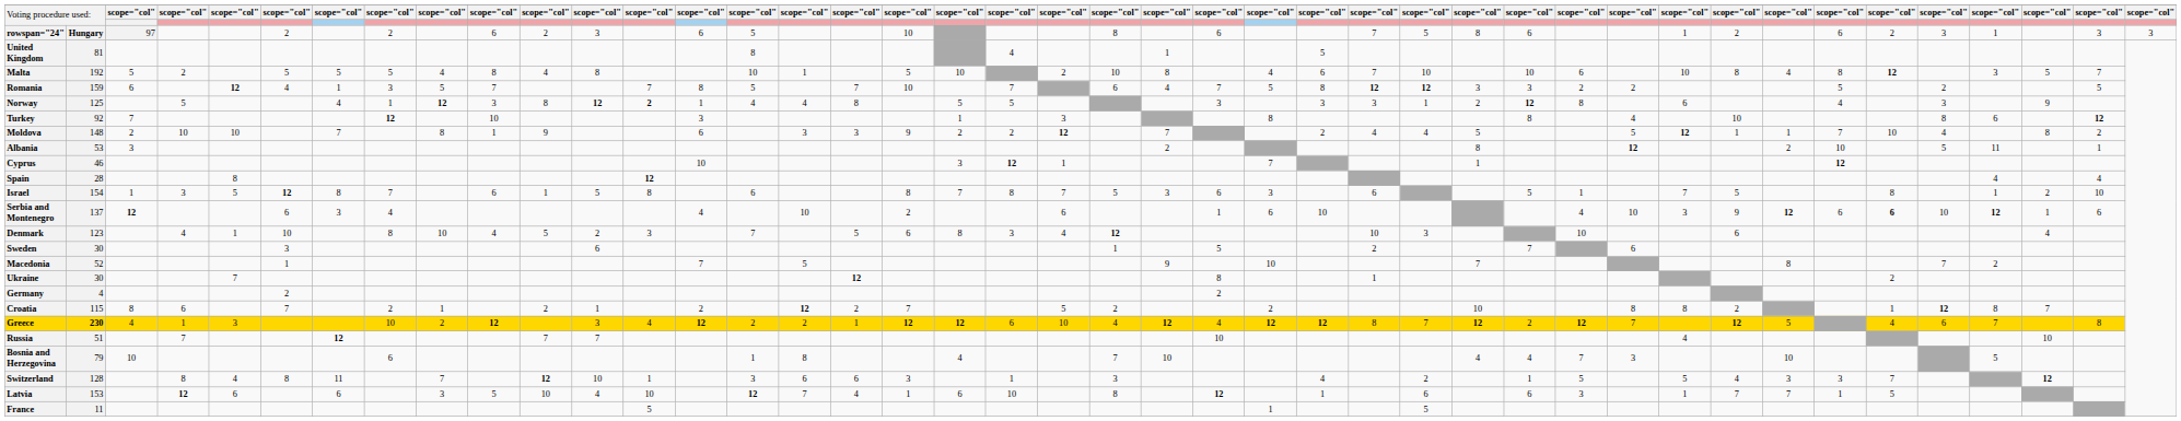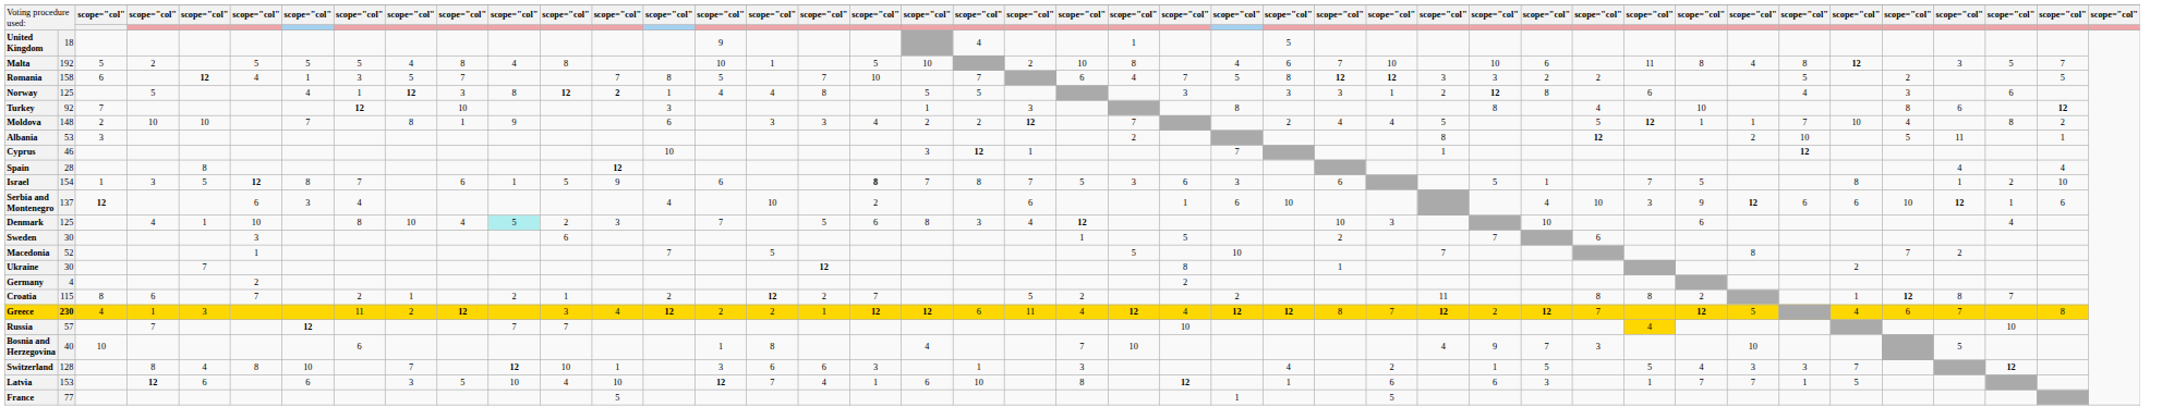 <table class="wikitable plainrowheaders" style="text-align:center; font-size:85%;">
 <tr>
 </tr>
 <tr>
 <td colspan="2" rowspan="2" style="text-align:left; background:#F2F2F2">Voting procedure used:<br></td>
 <th>scope="col" </th>
 <th>scope="col" </th>
 <th>scope="col" </th>
 <th>scope="col" </th>
 <th>scope="col" </th>
 <th>scope="col" </th>
 <th>scope="col" </th>
 <th>scope="col" </th>
 <th>scope="col" </th>
 <th>scope="col" </th>
 <th>scope="col" </th>
 <th>scope="col" </th>
 <th>scope="col" </th>
 <th>scope="col" </th>
 <th>scope="col" </th>
 <th>scope="col" </th>
 <th>scope="col" </th>
 <th>scope="col" </th>
 <th>scope="col" </th>
 <th>scope="col" </th>
 <th>scope="col" </th>
 <th>scope="col" </th>
 <th>scope="col" </th>
 <th>scope="col" </th>
 <th>scope="col" </th>
 <th>scope="col" </th>
 <th>scope="col" </th>
 <th>scope="col" </th>
 <th>scope="col" </th>
 <th>scope="col" </th>
 <th>scope="col" </th>
 <th>scope="col" </th>
 <th>scope="col" </th>
 <th>scope="col" </th>
 <th>scope="col" </th>
 <th>scope="col" </th>
 <th>scope="col" </th>
 <th>scope="col" </th>
 <th>scope="col" </th>
 <th>scope="col" </th>
 </tr>
 <tr>
 <th style="height:2px; border-top:1px solid transparent;"></th>
 <td style="background:#EFA4A9;"></td>
 <td style="background:#EFA4A9;"></td>
 <td style="background:#EFA4A9;"></td>
 <td style="background:#A4D1EF;"></td>
 <td style="background:#EFA4A9;"></td>
 <td style="background:#EFA4A9;"></td>
 <td style="background:#EFA4A9;"></td>
 <td style="background:#EFA4A9;"></td>
 <td style="background:#EFA4A9;"></td>
 <td style="background:#EFA4A9;"></td>
 <td style="background:#A4D1EF;"></td>
 <td style="background:#EFA4A9;"></td>
 <td style="background:#EFA4A9;"></td>
 <td style="background:#EFA4A9;"></td>
 <td style="background:#EFA4A9;"></td>
 <td style="background:#EFA4A9;"></td>
 <td style="background:#EFA4A9;"></td>
 <td style="background:#EFA4A9;"></td>
 <td style="background:#EFA4A9;"></td>
 <td style="background:#EFA4A9;"></td>
 <td style="background:#EFA4A9;"></td>
 <td style="background:#A4D1EF;"></td>
 <td style="background:#EFA4A9;"></td>
 <td style="background:#EFA4A9;"></td>
 <td style="background:#EFA4A9;"></td>
 <td style="background:#EFA4A9;"></td>
 <td style="background:#EFA4A9;"></td>
 <td style="background:#EFA4A9;"></td>
 <td style="background:#EFA4A9;"></td>
 <td style="background:#EFA4A9;"></td>
 <td style="background:#EFA4A9;"></td>
 <td style="background:#EFA4A9;"></td>
 <td style="background:#EFA4A9;"></td>
 <td style="background:#EFA4A9;"></td>
 <td style="background:#EFA4A9;"></td>
 <td style="background:#EFA4A9;"></td>
 <td style="background:#EFA4A9;"></td>
 <td style="background:#EFA4A9;"></td>
 <td style="background:#EFA4A9;"></td>
 </tr>
 <tr>
-<th>rowspan="24" </th>
-<th scope="row" style="text-align:left; background:#f2f2f2;">Hungary</th>
-<td style="text-align:right; background:#f2f2f2;">97</td>
-<td></td>
-<td></td>
-<td>2</td>
-<td></td>
-<td>2</td>
-<td></td>
-<td>6</td>
-<td>2</td>
-<td>3</td>
-<td></td>
-<td>6</td>
-<td>5</td>
-<td></td>
-<td></td>
-<td>10</td>
-<td style="text-align:left; background:#aaa;"></td>
-<td></td>
-<td></td>
-<td>8</td>
-<td></td>
-<td>6</td>
-<td></td>
-<td></td>
-<td>7</td>
-<td>5</td>
-<td>8</td>
-<td>6</td>
-<td></td>
-<td></td>
-<td>1</td>
-<td>2</td>
-<td></td>
-<td>6</td>
-<td>2</td>
-<td>3</td>
-<td>1</td>
-<td></td>
-<td>3</td>
-<td>3</td>
-</tr>
-<tr>
 <th scope="row" style="text-align:left; background:#f2f2f2;">United Kingdom</th>
-<td style="text-align:right; background:#f2f2f2;">81</td>
+<td style="text-align:right; background:#f2f2f2;">18</td>
 <td></td>
 <td></td>
 <td></td>
 <td></td>
 <td></td>
 <td></td>
 <td></td>
 <td></td>
 <td></td>
 <td></td>
 <td></td>
 <td></td>
-<td>8</td>
+<td>9</td>
 <td></td>
 <td></td>
 <td></td>
 <td style="text-align:left; background:#aaa;"></td>
 <td>4</td>
 <td></td>
 <td></td>
 <td>1</td>
 <td></td>
 <td></td>
 <td>5</td>
 <td></td>
 <td></td>
 <td></td>
 <td></td>
 <td></td>
 <td></td>
 <td></td>
 <td></td>
 <td></td>
 <td></td>
 <td></td>
 <td></td>
 <td></td>
 <td></td>
 <td></td>
 </tr>
 <tr>
 <th scope="row" style="text-align:left; background:#f2f2f2;">Malta</th>
 <td style="text-align:right; background:#f2f2f2;">192</td>
 <td>5</td>
 <td>2</td>
 <td></td>
 <td>5</td>
 <td>5</td>
 <td>5</td>
 <td>4</td>
 <td>8</td>
 <td>4</td>
 <td>8</td>
 <td></td>
 <td></td>
 <td>10</td>
 <td>1</td>
 <td></td>
 <td>5</td>
 <td>10</td>
 <td style="text-align:left; background:#aaa;"></td>
 <td>2</td>
 <td>10</td>
 <td>8</td>
 <td></td>
 <td>4</td>
 <td>6</td>
 <td>7</td>
 <td>10</td>
 <td></td>
 <td>10</td>
 <td>6</td>
 <td></td>
-<td>10</td>
+<td>11</td>
 <td>8</td>
 <td>4</td>
 <td>8</td>
 <td><strong>12</strong></td>
 <td></td>
 <td>3</td>
 <td>5</td>
 <td>7</td>
 </tr>
 <tr>
 <th scope="row" style="text-align:left; background:#f2f2f2;">Romania</th>
-<td style="text-align:right; background:#f2f2f2;">159</td>
+<td style="text-align:right; background:#f2f2f2;">158</td>
 <td>6</td>
 <td></td>
 <td><strong>12</strong></td>
 <td>4</td>
 <td>1</td>
 <td>3</td>
 <td>5</td>
 <td>7</td>
 <td></td>
 <td></td>
 <td>7</td>
 <td>8</td>
 <td>5</td>
 <td></td>
 <td>7</td>
 <td>10</td>
 <td></td>
 <td>7</td>
 <td style="text-align:left; background:#aaa;"></td>
 <td>6</td>
 <td>4</td>
 <td>7</td>
 <td>5</td>
 <td>8</td>
 <td><strong>12</strong></td>
 <td><strong>12</strong></td>
 <td>3</td>
 <td>3</td>
 <td>2</td>
 <td>2</td>
 <td></td>
 <td></td>
 <td></td>
 <td>5</td>
 <td></td>
 <td>2</td>
 <td></td>
 <td></td>
 <td>5</td>
 </tr>
 <tr>
 <th scope="row" style="text-align:left; background:#f2f2f2;">Norway</th>
 <td style="text-align:right; background:#f2f2f2;">125</td>
 <td></td>
 <td>5</td>
 <td></td>
 <td></td>
 <td>4</td>
 <td>1</td>
 <td><strong>12</strong></td>
 <td>3</td>
 <td>8</td>
 <td><strong>12</strong></td>
 <td><strong>2</strong></td>
 <td>1</td>
 <td>4</td>
 <td>4</td>
 <td>8</td>
 <td></td>
 <td>5</td>
 <td>5</td>
 <td></td>
 <td style="text-align:left; background:#aaa;"></td>
 <td></td>
 <td>3</td>
 <td></td>
 <td>3</td>
 <td>3</td>
 <td>1</td>
 <td>2</td>
 <td><strong>12</strong></td>
 <td>8</td>
 <td></td>
 <td>6</td>
 <td></td>
 <td></td>
 <td>4</td>
 <td></td>
 <td>3</td>
 <td></td>
-<td>9</td>
+<td>6</td>
 <td></td>
 </tr>
 <tr>
 <th scope="row" style="text-align:left; background:#f2f2f2;">Turkey</th>
 <td style="text-align:right; background:#f2f2f2;">92</td>
 <td>7</td>
 <td></td>
 <td></td>
 <td></td>
 <td></td>
 <td><strong>12</strong></td>
 <td></td>
 <td>10</td>
 <td></td>
 <td></td>
 <td></td>
 <td>3</td>
 <td></td>
 <td></td>
 <td></td>
 <td></td>
 <td>1</td>
 <td></td>
 <td>3</td>
 <td></td>
 <td style="text-align:left; background:#aaa;"></td>
 <td></td>
 <td>8</td>
 <td></td>
 <td></td>
 <td></td>
 <td></td>
 <td>8</td>
 <td></td>
 <td>4</td>
 <td></td>
 <td>10</td>
 <td></td>
 <td></td>
 <td></td>
 <td>8</td>
 <td>6</td>
 <td></td>
 <td><strong>12</strong></td>
 </tr>
 <tr>
 <th scope="row" style="text-align:left; background:#f2f2f2;">Moldova</th>
 <td style="text-align:right; background:#f2f2f2;">148</td>
 <td>2</td>
 <td>10</td>
 <td>10</td>
 <td></td>
 <td>7</td>
 <td></td>
 <td>8</td>
 <td>1</td>
 <td>9</td>
 <td></td>
 <td></td>
 <td>6</td>
 <td></td>
 <td>3</td>
 <td>3</td>
-<td>9</td>
+<td>4</td>
 <td>2</td>
 <td>2</td>
 <td><strong>12</strong></td>
 <td></td>
 <td>7</td>
 <td style="text-align:left; background:#aaa;"></td>
 <td></td>
 <td>2</td>
 <td>4</td>
 <td>4</td>
 <td>5</td>
 <td></td>
 <td></td>
 <td>5</td>
 <td><strong>12</strong></td>
 <td>1</td>
 <td>1</td>
 <td>7</td>
 <td>10</td>
 <td>4</td>
 <td></td>
 <td>8</td>
 <td>2</td>
 </tr>
 <tr>
 <th scope="row" style="text-align:left; background:#f2f2f2;">Albania</th>
 <td style="text-align:right; background:#f2f2f2;">53</td>
 <td>3</td>
 <td></td>
 <td></td>
 <td></td>
 <td></td>
 <td></td>
 <td></td>
 <td></td>
 <td></td>
 <td></td>
 <td></td>
 <td></td>
 <td></td>
 <td></td>
 <td></td>
 <td></td>
 <td></td>
 <td></td>
 <td></td>
 <td></td>
 <td>2</td>
 <td></td>
 <td style="text-align:left; background:#aaa;"></td>
 <td></td>
 <td></td>
 <td></td>
 <td>8</td>
 <td></td>
 <td></td>
 <td><strong>12</strong></td>
 <td></td>
 <td></td>
 <td>2</td>
 <td>10</td>
 <td></td>
 <td>5</td>
 <td>11</td>
 <td></td>
 <td>1</td>
 </tr>
 <tr>
 <th scope="row" style="text-align:left; background:#f2f2f2;">Cyprus</th>
 <td style="text-align:right; background:#f2f2f2;">46</td>
 <td></td>
 <td></td>
 <td></td>
 <td></td>
 <td></td>
 <td></td>
 <td></td>
 <td></td>
 <td></td>
 <td></td>
 <td></td>
 <td>10</td>
 <td></td>
 <td></td>
 <td></td>
 <td></td>
 <td>3</td>
 <td><strong>12</strong></td>
 <td>1</td>
 <td></td>
 <td></td>
 <td></td>
 <td>7</td>
 <td style="text-align:left; background:#aaa;"></td>
 <td></td>
 <td></td>
 <td>1</td>
 <td></td>
 <td></td>
 <td></td>
 <td></td>
 <td></td>
 <td></td>
 <td><strong>12</strong></td>
 <td></td>
 <td></td>
 <td></td>
 <td></td>
 <td></td>
 </tr>
 <tr>
 <th scope="row" style="text-align:left; background:#f2f2f2;">Spain</th>
 <td style="text-align:right; background:#f2f2f2;">28</td>
 <td></td>
 <td></td>
 <td>8</td>
 <td></td>
 <td></td>
 <td></td>
 <td></td>
 <td></td>
 <td></td>
 <td></td>
 <td><strong>12</strong></td>
 <td></td>
 <td></td>
 <td></td>
 <td></td>
 <td></td>
 <td></td>
 <td></td>
 <td></td>
 <td></td>
 <td></td>
 <td></td>
 <td></td>
 <td></td>
 <td style="text-align:left; background:#aaa;"></td>
 <td></td>
 <td></td>
 <td></td>
 <td></td>
 <td></td>
 <td></td>
 <td></td>
 <td></td>
 <td></td>
 <td></td>
 <td></td>
 <td>4</td>
 <td></td>
 <td>4</td>
 </tr>
 <tr>
 <th scope="row" style="text-align:left; background:#f2f2f2;">Israel</th>
 <td style="text-align:right; background:#f2f2f2;">154</td>
 <td>1</td>
 <td>3</td>
 <td>5</td>
 <td><strong>12</strong></td>
 <td>8</td>
 <td>7</td>
 <td></td>
 <td>6</td>
 <td>1</td>
 <td>5</td>
-<td>8</td>
+<td>9</td>
 <td></td>
 <td>6</td>
 <td></td>
 <td></td>
-<td>8</td>
+<td><strong>8</strong></td>
 <td>7</td>
 <td>8</td>
 <td>7</td>
 <td>5</td>
 <td>3</td>
 <td>6</td>
 <td>3</td>
 <td></td>
 <td>6</td>
 <td style="text-align:left; background:#aaa;"></td>
 <td></td>
 <td>5</td>
 <td>1</td>
 <td></td>
 <td>7</td>
 <td>5</td>
 <td></td>
 <td></td>
 <td>8</td>
 <td></td>
 <td>1</td>
 <td>2</td>
 <td>10</td>
 </tr>
 <tr>
 <th scope="row" style="text-align:left; background:#f2f2f2;">Serbia and Montenegro</th>
 <td style="text-align:right; background:#f2f2f2;">137</td>
 <td><strong>12</strong></td>
 <td></td>
 <td></td>
 <td>6</td>
 <td>3</td>
 <td>4</td>
 <td></td>
 <td></td>
 <td></td>
 <td></td>
 <td></td>
 <td>4</td>
 <td></td>
 <td>10</td>
 <td></td>
 <td>2</td>
 <td></td>
 <td></td>
 <td>6</td>
 <td></td>
 <td></td>
 <td>1</td>
 <td>6</td>
 <td>10</td>
 <td></td>
 <td></td>
 <td style="text-align:left; background:#aaa;"></td>
 <td></td>
 <td>4</td>
 <td>10</td>
 <td>3</td>
 <td>9</td>
 <td><strong>12</strong></td>
 <td>6</td>
-<td><strong>6</strong></td>
+<td>6</td>
 <td>10</td>
 <td><strong>12</strong></td>
 <td>1</td>
 <td>6</td>
 </tr>
 <tr>
 <th scope="row" style="text-align:left; background:#f2f2f2;">Denmark</th>
-<td style="text-align:right; background:#f2f2f2;">123</td>
+<td style="text-align:right; background:#f2f2f2;">125</td>
 <td></td>
 <td>4</td>
 <td>1</td>
 <td>10</td>
 <td></td>
 <td>8</td>
 <td>10</td>
 <td>4</td>
-<td>5</td>
+<td style="background: paleturquoise;">5</td>
 <td>2</td>
 <td>3</td>
 <td></td>
 <td>7</td>
 <td></td>
 <td>5</td>
 <td>6</td>
 <td>8</td>
 <td>3</td>
 <td>4</td>
 <td><strong>12</strong></td>
 <td></td>
 <td></td>
 <td></td>
 <td></td>
 <td>10</td>
 <td>3</td>
 <td></td>
 <td style="text-align:left; background:#aaa;"></td>
 <td>10</td>
 <td></td>
 <td></td>
 <td>6</td>
 <td></td>
 <td></td>
 <td></td>
 <td></td>
 <td></td>
 <td>4</td>
 <td></td>
 </tr>
 <tr>
 <th scope="row" style="text-align:left; background:#f2f2f2;">Sweden</th>
 <td style="text-align:right; background:#f2f2f2;">30</td>
 <td></td>
 <td></td>
 <td></td>
 <td>3</td>
 <td></td>
 <td></td>
 <td></td>
 <td></td>
 <td></td>
 <td>6</td>
 <td></td>
 <td></td>
 <td></td>
 <td></td>
 <td></td>
 <td></td>
 <td></td>
 <td></td>
 <td></td>
 <td>1</td>
 <td></td>
 <td>5</td>
 <td></td>
 <td></td>
 <td>2</td>
 <td></td>
 <td></td>
 <td>7</td>
 <td style="text-align:left; background:#aaa;"></td>
 <td>6</td>
 <td></td>
 <td></td>
 <td></td>
 <td></td>
 <td></td>
 <td></td>
 <td></td>
 <td></td>
 <td></td>
 </tr>
 <tr>
 <th scope="row" style="text-align:left; background:#f2f2f2;">Macedonia</th>
 <td style="text-align:right; background:#f2f2f2;">52</td>
 <td></td>
 <td></td>
 <td></td>
 <td>1</td>
 <td></td>
 <td></td>
 <td></td>
 <td></td>
 <td></td>
 <td></td>
 <td></td>
 <td>7</td>
 <td></td>
 <td>5</td>
 <td></td>
 <td></td>
 <td></td>
 <td></td>
 <td></td>
 <td></td>
-<td>9</td>
+<td>5</td>
 <td></td>
 <td>10</td>
 <td></td>
 <td></td>
 <td></td>
 <td>7</td>
 <td></td>
 <td></td>
 <td style="text-align:left; background:#aaa;"></td>
 <td></td>
 <td></td>
 <td>8</td>
 <td></td>
 <td></td>
 <td>7</td>
 <td>2</td>
 <td></td>
 <td></td>
 </tr>
 <tr>
 <th scope="row" style="text-align:left; background:#f2f2f2;">Ukraine</th>
 <td style="text-align:right; background:#f2f2f2;">30</td>
 <td></td>
 <td></td>
 <td>7</td>
 <td></td>
 <td></td>
 <td></td>
 <td></td>
 <td></td>
 <td></td>
 <td></td>
 <td></td>
 <td></td>
 <td></td>
 <td></td>
 <td><strong>12</strong></td>
 <td></td>
 <td></td>
 <td></td>
 <td></td>
 <td></td>
 <td></td>
 <td>8</td>
 <td></td>
 <td></td>
 <td>1</td>
 <td></td>
 <td></td>
 <td></td>
 <td></td>
 <td></td>
 <td style="text-align:left; background:#aaa;"></td>
 <td></td>
 <td></td>
 <td></td>
 <td>2</td>
 <td></td>
 <td></td>
 <td></td>
 <td></td>
 </tr>
 <tr>
 <th scope="row" style="text-align:left; background:#f2f2f2;">Germany</th>
 <td style="text-align:right; background:#f2f2f2;">4</td>
 <td></td>
 <td></td>
 <td></td>
 <td>2</td>
 <td></td>
 <td></td>
 <td></td>
 <td></td>
 <td></td>
 <td></td>
 <td></td>
 <td></td>
 <td></td>
 <td></td>
 <td></td>
 <td></td>
 <td></td>
 <td></td>
 <td></td>
 <td></td>
 <td></td>
 <td>2</td>
 <td></td>
 <td></td>
 <td></td>
 <td></td>
 <td></td>
 <td></td>
 <td></td>
 <td></td>
 <td></td>
 <td style="text-align:left; background:#aaa;"></td>
 <td></td>
 <td></td>
 <td></td>
 <td></td>
 <td></td>
 <td></td>
 <td></td>
 </tr>
 <tr>
 <th scope="row" style="text-align:left; background:#f2f2f2;">Croatia</th>
 <td style="text-align:right; background:#f2f2f2;">115</td>
 <td>8</td>
 <td>6</td>
 <td></td>
 <td>7</td>
 <td></td>
 <td>2</td>
 <td>1</td>
 <td></td>
 <td>2</td>
 <td>1</td>
 <td></td>
 <td>2</td>
 <td></td>
 <td><strong>12</strong></td>
 <td>2</td>
 <td>7</td>
 <td></td>
 <td></td>
 <td>5</td>
 <td>2</td>
 <td></td>
 <td></td>
 <td>2</td>
 <td></td>
 <td></td>
 <td></td>
-<td>10</td>
+<td>11</td>
 <td></td>
 <td></td>
 <td>8</td>
 <td>8</td>
 <td>2</td>
 <td style="text-align:left; background:#aaa;"></td>
 <td></td>
 <td>1</td>
 <td><strong>12</strong></td>
 <td>8</td>
 <td>7</td>
 <td></td>
 </tr>
 <tr style="background:gold;">
 <th scope="row" style="text-align:left; font-weight:bold; background:gold;">Greece</th>
 <td style="text-align:right; font-weight:bold;">230</td>
 <td>4</td>
 <td>1</td>
 <td>3</td>
 <td></td>
 <td></td>
-<td>10</td>
+<td>11</td>
 <td>2</td>
 <td><strong>12</strong></td>
 <td></td>
 <td>3</td>
 <td>4</td>
 <td><strong>12</strong></td>
 <td>2</td>
 <td>2</td>
 <td>1</td>
 <td><strong>12</strong></td>
 <td><strong>12</strong></td>
 <td>6</td>
-<td>10</td>
+<td>11</td>
 <td>4</td>
 <td><strong>12</strong></td>
 <td>4</td>
 <td><strong>12</strong></td>
 <td><strong>12</strong></td>
 <td>8</td>
 <td>7</td>
 <td><strong>12</strong></td>
 <td>2</td>
 <td><strong>12</strong></td>
 <td>7</td>
 <td></td>
 <td><strong>12</strong></td>
 <td>5</td>
 <td style="text-align:left; background:#aaa;"></td>
 <td>4</td>
 <td>6</td>
 <td>7</td>
 <td></td>
 <td>8</td>
 </tr>
 <tr>
 <th scope="row" style="text-align:left; background:#f2f2f2;">Russia</th>
-<td style="text-align:right; background:#f2f2f2;">51</td>
+<td style="text-align:right; background:#f2f2f2;">57</td>
 <td></td>
 <td>7</td>
 <td></td>
 <td></td>
 <td><strong>12</strong></td>
 <td></td>
 <td></td>
 <td></td>
 <td>7</td>
 <td>7</td>
 <td></td>
 <td></td>
 <td></td>
 <td></td>
 <td></td>
 <td></td>
 <td></td>
 <td></td>
 <td></td>
 <td></td>
 <td></td>
 <td>10</td>
 <td></td>
 <td></td>
 <td></td>
 <td></td>
 <td></td>
 <td></td>
 <td></td>
 <td></td>
-<td>4</td>
+<td style="background: gold;">4</td>
 <td></td>
 <td></td>
 <td></td>
 <td style="text-align:left; background:#aaa;"></td>
 <td></td>
 <td></td>
 <td>10</td>
 <td></td>
 </tr>
 <tr>
 <th scope="row" style="text-align:left; background:#f2f2f2;">Bosnia and Herzegovina</th>
-<td style="text-align:right; background:#f2f2f2;">79</td>
+<td style="text-align:right; background:#f2f2f2;">40</td>
 <td>10</td>
 <td></td>
 <td></td>
 <td></td>
 <td></td>
 <td>6</td>
 <td></td>
 <td></td>
 <td></td>
 <td></td>
 <td></td>
 <td></td>
 <td>1</td>
 <td>8</td>
 <td></td>
 <td></td>
 <td>4</td>
 <td></td>
 <td></td>
 <td>7</td>
 <td>10</td>
 <td></td>
 <td></td>
 <td></td>
 <td></td>
 <td></td>
 <td>4</td>
-<td>4</td>
+<td>9</td>
 <td>7</td>
 <td>3</td>
 <td></td>
 <td></td>
 <td>10</td>
 <td></td>
 <td></td>
 <td style="text-align:left; background:#aaa;"></td>
 <td>5</td>
 <td></td>
 <td></td>
 </tr>
 <tr>
 <th scope="row" style="text-align:left; background:#f2f2f2;">Switzerland</th>
 <td style="text-align:right; background:#f2f2f2;">128</td>
 <td></td>
 <td>8</td>
 <td>4</td>
 <td>8</td>
-<td>11</td>
+<td>10</td>
 <td></td>
 <td>7</td>
 <td></td>
 <td><strong>12</strong></td>
 <td>10</td>
 <td>1</td>
 <td></td>
 <td>3</td>
 <td>6</td>
 <td>6</td>
 <td>3</td>
 <td></td>
 <td>1</td>
 <td></td>
 <td>3</td>
 <td></td>
 <td></td>
 <td></td>
 <td>4</td>
 <td></td>
 <td>2</td>
 <td></td>
 <td>1</td>
 <td>5</td>
 <td></td>
 <td>5</td>
 <td>4</td>
 <td>3</td>
 <td>3</td>
 <td>7</td>
 <td></td>
 <td style="text-align:left; background:#aaa;"></td>
 <td><strong>12</strong></td>
 <td></td>
 </tr>
 <tr>
 <th scope="row" style="text-align:left; background:#f2f2f2;">Latvia</th>
 <td style="text-align:right; background:#f2f2f2;">153</td>
 <td></td>
 <td><strong>12</strong></td>
 <td>6</td>
 <td></td>
 <td>6</td>
 <td></td>
 <td>3</td>
 <td>5</td>
 <td>10</td>
 <td>4</td>
 <td>10</td>
 <td></td>
 <td><strong>12</strong></td>
 <td>7</td>
 <td>4</td>
 <td>1</td>
 <td>6</td>
 <td>10</td>
 <td></td>
 <td>8</td>
 <td></td>
 <td><strong>12</strong></td>
 <td></td>
 <td>1</td>
 <td></td>
 <td>6</td>
 <td></td>
 <td>6</td>
 <td>3</td>
 <td></td>
 <td>1</td>
 <td>7</td>
 <td>7</td>
 <td>1</td>
 <td>5</td>
 <td></td>
 <td></td>
 <td style="text-align:left; background:#aaa;"></td>
 <td></td>
 </tr>
 <tr>
 <th scope="row" style="text-align:left; background:#f2f2f2;">France</th>
-<td style="text-align:right; background:#f2f2f2;">11</td>
+<td style="text-align:right; background:#f2f2f2;">77</td>
 <td></td>
 <td></td>
 <td></td>
 <td></td>
 <td></td>
 <td></td>
 <td></td>
 <td></td>
 <td></td>
 <td></td>
 <td>5</td>
 <td></td>
 <td></td>
 <td></td>
 <td></td>
 <td></td>
 <td></td>
 <td></td>
 <td></td>
 <td></td>
 <td></td>
 <td></td>
 <td>1</td>
 <td></td>
 <td></td>
 <td>5</td>
 <td></td>
 <td></td>
 <td></td>
 <td></td>
 <td></td>
 <td></td>
 <td></td>
 <td></td>
 <td></td>
 <td></td>
 <td></td>
 <td></td>
 <td style="text-align:left; background:#aaa;"></td>
 </tr>
 </table>
